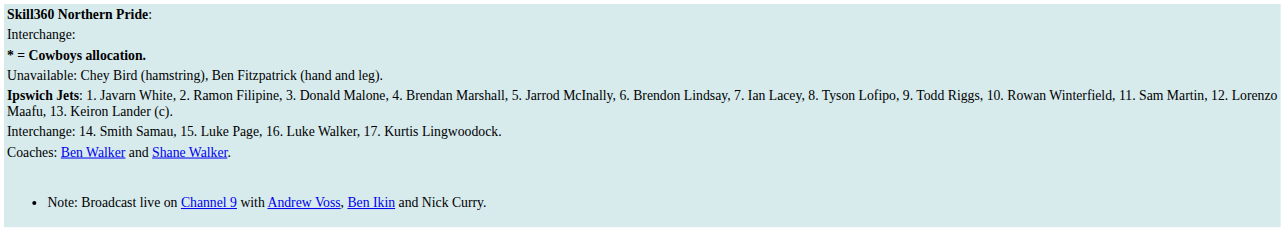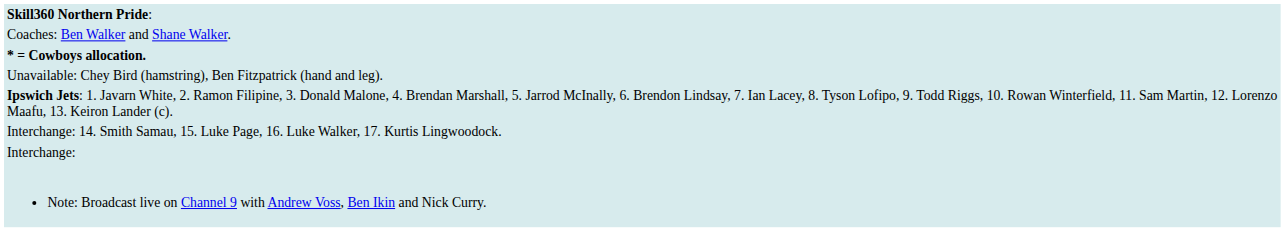 <table style="background:#d7ebed; font-size:85%; width:100%;">
 <tr>
 <td><strong>Skill360 Northern Pride</strong>:             </td>
 </tr>
 <tr>
-<td>Interchange:    </td>
+<td>Coaches: <a href='#'>Ben Walker</a> and <a href='#'>Shane Walker</a>.</td>
 </tr>
 <tr>
 <td><strong>* = Cowboys allocation.</strong></td>
 </tr>
 <tr>
 <td>Unavailable: Chey Bird (hamstring), Ben Fitzpatrick (hand and leg).</td>
 </tr>
 <tr>
 <td><strong>Ipswich Jets</strong>: 1. Javarn White, 2. Ramon Filipine, 3. Donald Malone, 4. Brendan Marshall, 5. Jarrod McInally, 6. Brendon Lindsay, 7. Ian Lacey, 8. Tyson Lofipo, 9. Todd Riggs, 10. Rowan Winterfield, 11. Sam Martin, 12. Lorenzo Maafu, 13. Keiron Lander (c).</td>
 </tr>
 <tr>
 <td>Interchange: 14. Smith Samau, 15. Luke Page, 16. Luke Walker, 17. Kurtis Lingwoodock.</td>
 </tr>
 <tr>
-<td>Coaches: <a href='#'>Ben Walker</a> and <a href='#'>Shane Walker</a>.</td>
+<td>Interchange:    </td>
 </tr>
 <tr>
 <td><br><ul><li>Note: Broadcast live on <a href='#'>Channel 9</a> with <a href='#'>Andrew Voss</a>, <a href='#'>Ben Ikin</a> and Nick Curry.</li></ul></td>
 </tr>
 </table>
